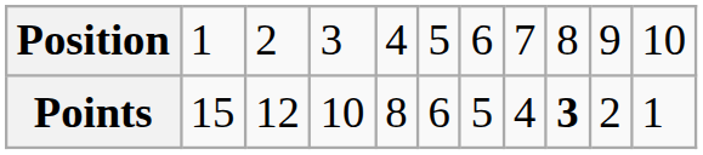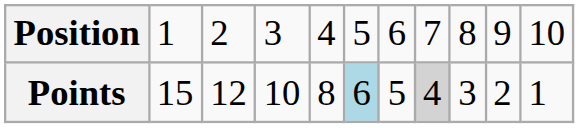 <table class="wikitable">
 <tr>
 <th>Position</th>
 <td>1</td>
 <td>2</td>
 <td>3</td>
 <td>4</td>
 <td>5</td>
 <td>6</td>
 <td>7</td>
 <td>8</td>
 <td>9</td>
 <td>10</td>
 </tr>
 <tr>
 <th>Points</th>
 <td>15</td>
 <td>12</td>
 <td>10</td>
 <td>8</td>
-<td>6</td>
+<td style="background: lightblue;">6</td>
 <td>5</td>
-<td>4</td>
-<td><strong>3</strong></td>
+<td style="background: lightgrey;">4</td>
+<td>3</td>
 <td>2</td>
 <td>1</td>
 </tr>
 </table>
